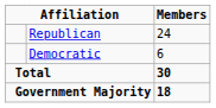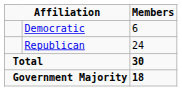 <table class="wikitable">
 <tr>
 <td colspan="2" rowspan="1" align="center" valign="top"><strong>Affiliation</strong></td>
 <td style="vertical-align:top;"><strong>Members</strong></td>
 </tr>
 <tr>
 <td style="background-color:"> </td>
-<td><a href='#'>Republican</a></td>
-<td>24</td>
+<td><a href='#'>Democratic</a></td>
+<td>6</td>
 </tr>
 <tr>
 <td style="background-color:"> </td>
-<td><a href='#'>Democratic</a></td>
-<td>6</td>
+<td><a href='#'>Republican</a></td>
+<td>24</td>
 </tr>
 <tr>
 <td colspan="2" rowspan="1"> <strong>Total</strong></td>
 <td><strong>30</strong></td>
 </tr>
 <tr>
 <td colspan="2" rowspan="1"> <strong>Government Majority</strong></td>
 <td><strong>18</strong></td>
 </tr>
 </table>
